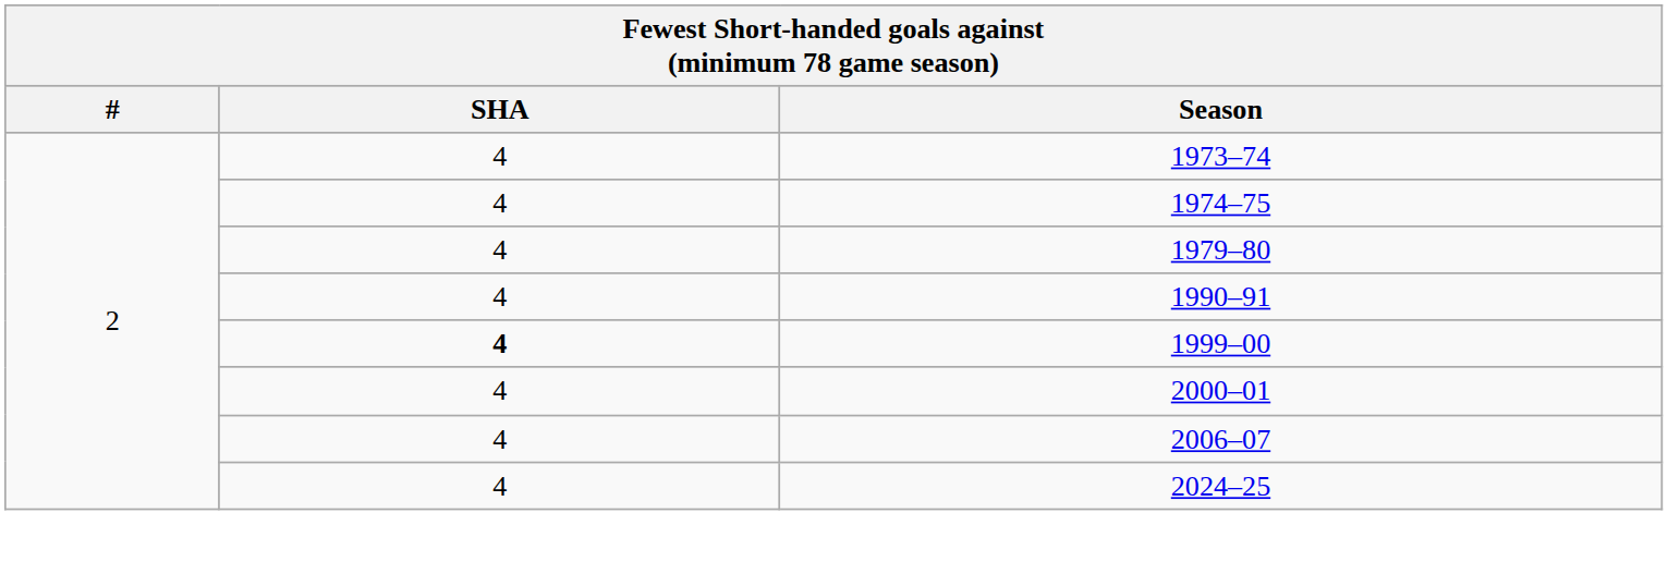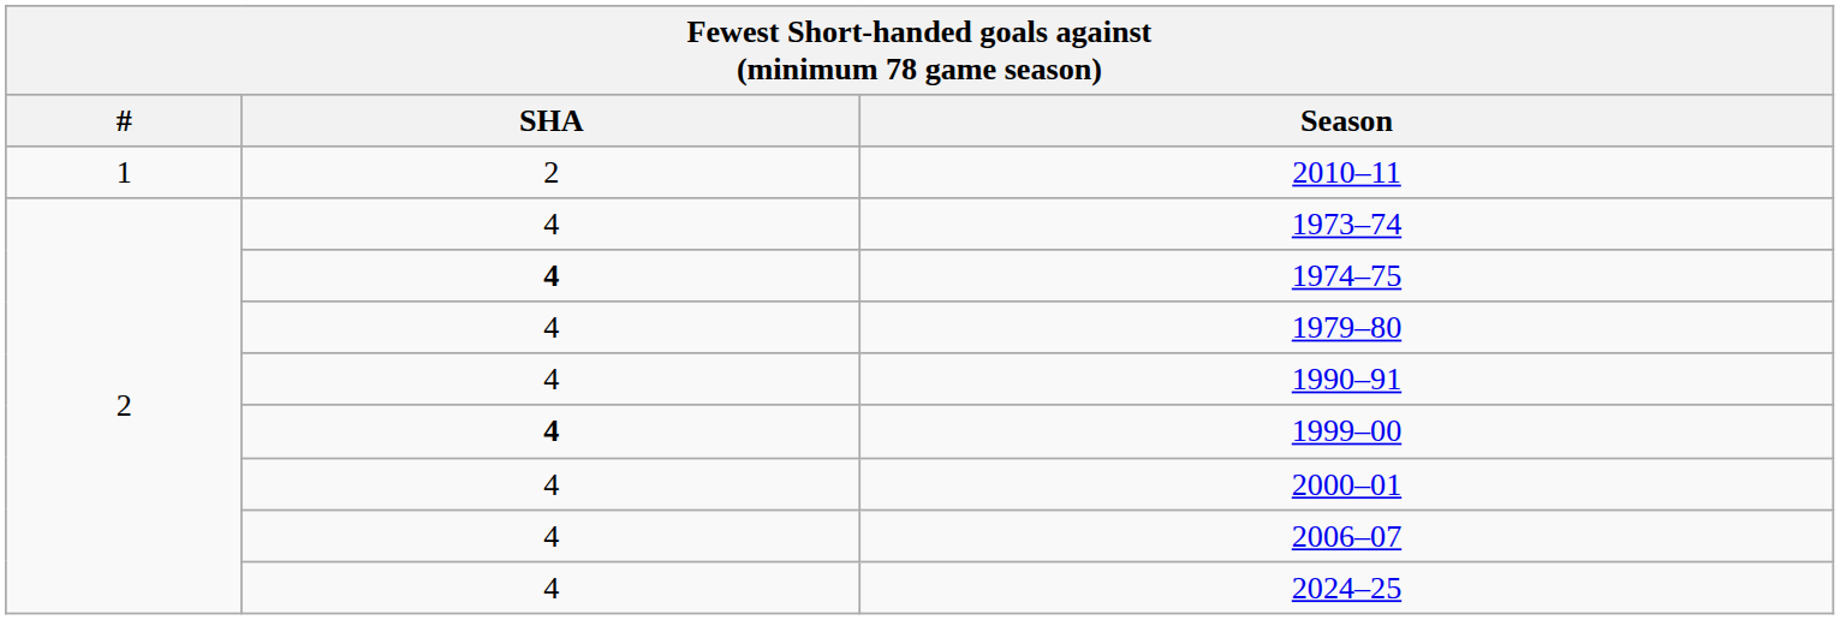 <table class="wikitable" style="text-align: center; font-size: 95%" width="70%">
 <tr>
 <th colspan="3">Fewest Short-handed goals against<br>(minimum 78 game season)</th>
 </tr>
 <tr>
 <th>#</th>
 <th>SHA</th>
 <th>Season</th>
 </tr>
 <tr>
+<td>1</td>
+<td>2</td>
+<td><a href='#'>2010–11</a></td>
+</tr>
+<tr>
 <td rowspan="8">2</td>
 <td>4</td>
 <td><a href='#'>1973–74</a></td>
 </tr>
 <tr>
-<td>4</td>
+<td><strong>4</strong></td>
 <td><a href='#'>1974–75</a></td>
 </tr>
 <tr>
 <td>4</td>
 <td><a href='#'>1979–80</a></td>
 </tr>
 <tr>
 <td>4</td>
 <td><a href='#'>1990–91</a></td>
 </tr>
 <tr>
 <td><strong>4</strong></td>
 <td><a href='#'>1999–00</a></td>
 </tr>
 <tr>
 <td>4</td>
 <td><a href='#'>2000–01</a></td>
 </tr>
 <tr>
 <td>4</td>
 <td><a href='#'>2006–07</a></td>
 </tr>
 <tr>
 <td>4</td>
 <td><a href='#'>2024–25</a></td>
 </tr>
 </table>
